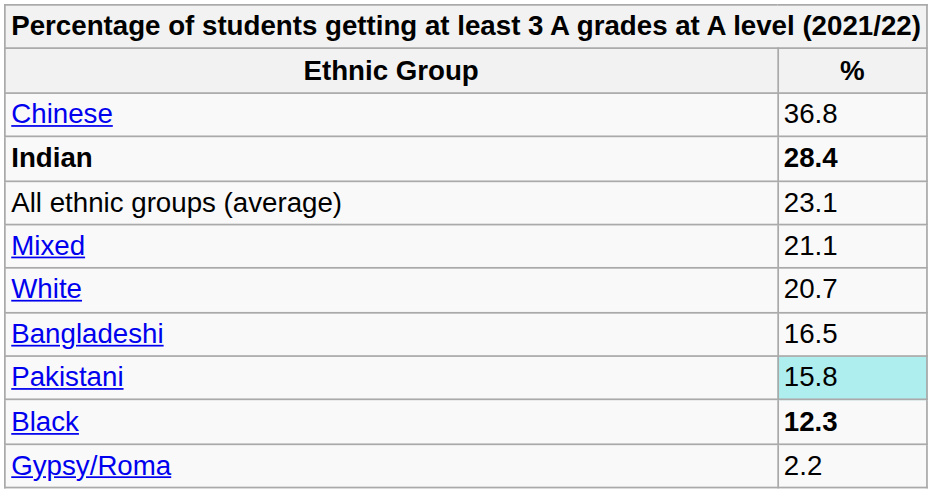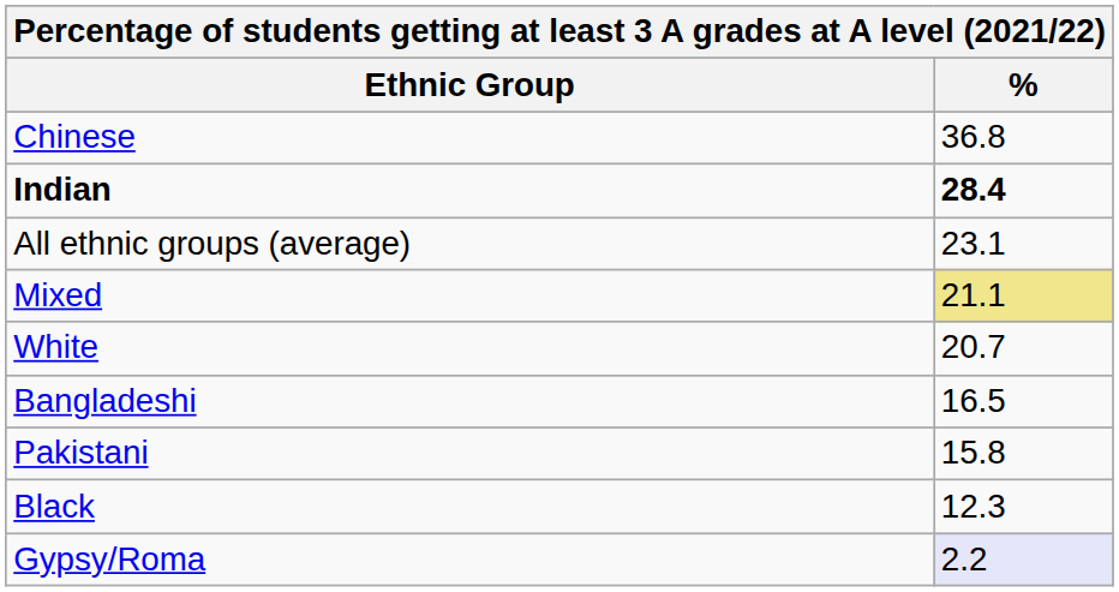 <table class="wikitable sortable">
 <tr>
 <th colspan="3">Percentage of students getting at least 3 A grades at A level (2021/22)</th>
 </tr>
 <tr>
 <th>Ethnic Group</th>
 <th>%</th>
 </tr>
 <tr>
 <td><a href='#'>Chinese</a></td>
 <td>36.8</td>
 </tr>
 <tr>
 <td><strong>Indian</strong></td>
 <td><strong>28.4</strong></td>
 </tr>
 <tr>
 <td>All ethnic groups (average)</td>
 <td>23.1</td>
 </tr>
 <tr>
 <td><a href='#'>Mixed</a></td>
-<td>21.1</td>
+<td style="background: khaki;">21.1</td>
 </tr>
 <tr>
 <td><a href='#'>White</a></td>
 <td>20.7</td>
 </tr>
 <tr>
 <td><a href='#'>Bangladeshi</a></td>
 <td>16.5</td>
 </tr>
 <tr>
 <td><a href='#'>Pakistani</a></td>
-<td style="background: paleturquoise;">15.8</td>
+<td>15.8</td>
 </tr>
 <tr>
 <td><a href='#'>Black</a></td>
-<td><strong>12.3</strong></td>
+<td>12.3</td>
 </tr>
 <tr>
 <td><a href='#'>Gypsy/Roma</a></td>
-<td>2.2</td>
+<td style="background: lavender;">2.2</td>
 </tr>
 </table>
